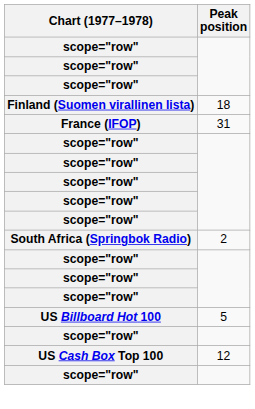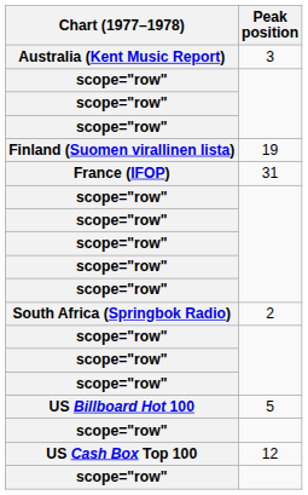 <table class="wikitable sortable plainrowheaders">
 <tr>
 <th>Chart (1977–1978)</th>
 <th>Peak<br>position</th>
+</tr>
+<tr>
+<th scope="row">Australia (<a href='#'>Kent Music Report</a>)</th>
+<td style="text-align:center;">3</td>
 </tr>
 <tr>
 <th>scope="row" </th>
 </tr>
 <tr>
 <th>scope="row" </th>
 </tr>
 <tr>
 <th>scope="row" </th>
 </tr>
 <tr>
 <th scope="row">Finland (<a href='#'>Suomen virallinen lista</a>)</th>
-<td style="text-align:center;">18</td>
+<td style="text-align:center;">19</td>
 </tr>
 <tr>
 <th scope="row">France (<a href='#'>IFOP</a>)</th>
 <td style="text-align:center;">31</td>
 </tr>
 <tr>
 <th>scope="row" </th>
 </tr>
 <tr>
 <th>scope="row" </th>
 </tr>
 <tr>
 <th>scope="row" </th>
 </tr>
 <tr>
 <th>scope="row" </th>
 </tr>
 <tr>
 <th>scope="row" </th>
 </tr>
 <tr>
 <th scope="row">South Africa (<a href='#'>Springbok Radio</a>)</th>
 <td style="text-align:center;">2</td>
 </tr>
 <tr>
 <th>scope="row" </th>
 </tr>
 <tr>
 <th>scope="row" </th>
 </tr>
 <tr>
 <th>scope="row" </th>
 </tr>
 <tr>
 <th scope="row">US <a href='#'><em>Billboard Hot</em> 100</a></th>
 <td style="text-align:center;">5</td>
 </tr>
 <tr>
 <th>scope="row" </th>
 </tr>
 <tr>
 <th scope="row">US <em><a href='#'>Cash Box</a></em> Top 100</th>
 <td style="text-align:center;">12</td>
 </tr>
 <tr>
 <th>scope="row" </th>
 </tr>
 </table>
